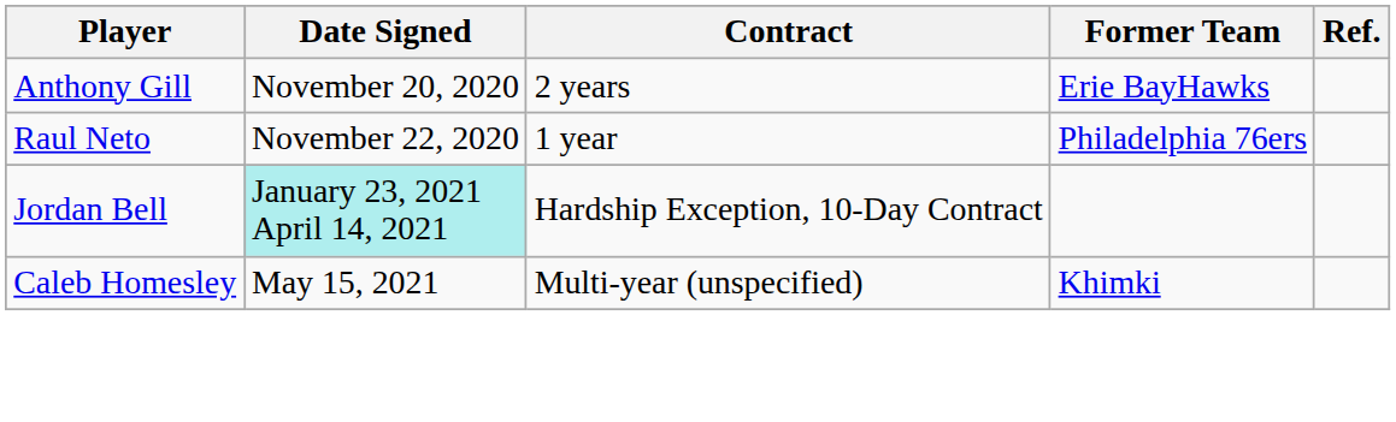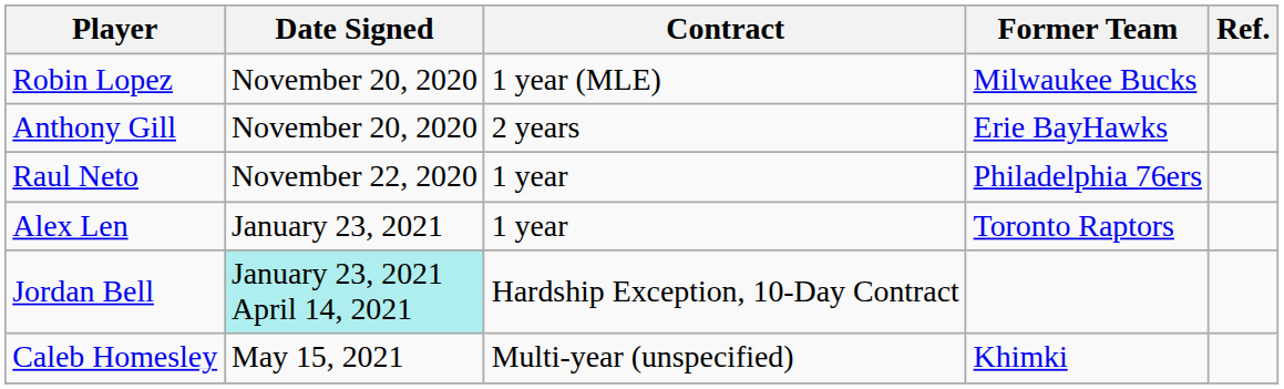 <table class="wikitable sortable sortable">
 <tr>
 <th>Player</th>
 <th>Date Signed</th>
 <th>Contract</th>
 <th>Former Team</th>
 <th>Ref.</th>
+</tr>
+<tr>
+<td><a href='#'>Robin Lopez</a></td>
+<td>November 20, 2020</td>
+<td>1 year (MLE)</td>
+<td><a href='#'>Milwaukee Bucks</a></td>
+<td></td>
 </tr>
 <tr>
 <td><a href='#'>Anthony Gill</a></td>
 <td>November 20, 2020</td>
 <td>2 years</td>
 <td><a href='#'>Erie BayHawks</a></td>
 <td></td>
 </tr>
 <tr>
 <td><a href='#'>Raul Neto</a></td>
 <td>November 22, 2020</td>
 <td>1 year</td>
 <td><a href='#'>Philadelphia 76ers</a></td>
+<td></td>
+</tr>
+<tr>
+<td><a href='#'>Alex Len</a></td>
+<td>January 23, 2021</td>
+<td>1 year</td>
+<td><a href='#'>Toronto Raptors</a></td>
 <td></td>
 </tr>
 <tr>
 <td><a href='#'>Jordan Bell</a></td>
 <td style="background: paleturquoise;">January 23, 2021 <br> April 14, 2021</td>
 <td>Hardship Exception, 10-Day Contract</td>
 <td></td>
 <td></td>
 </tr>
 <tr>
 <td><a href='#'>Caleb Homesley</a></td>
 <td>May 15, 2021</td>
 <td>Multi-year (unspecified)</td>
 <td> <a href='#'>Khimki</a></td>
 <td></td>
 </tr>
 </table>
